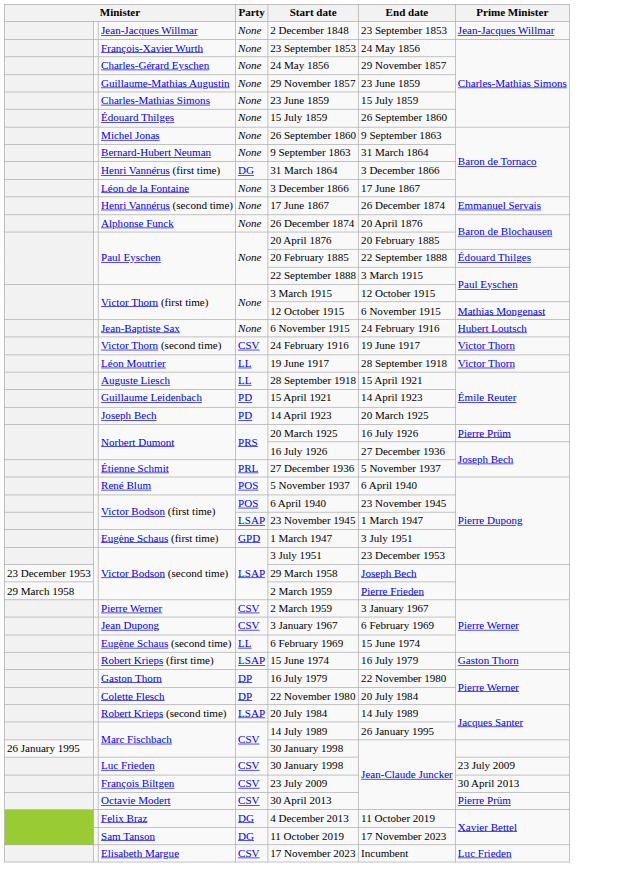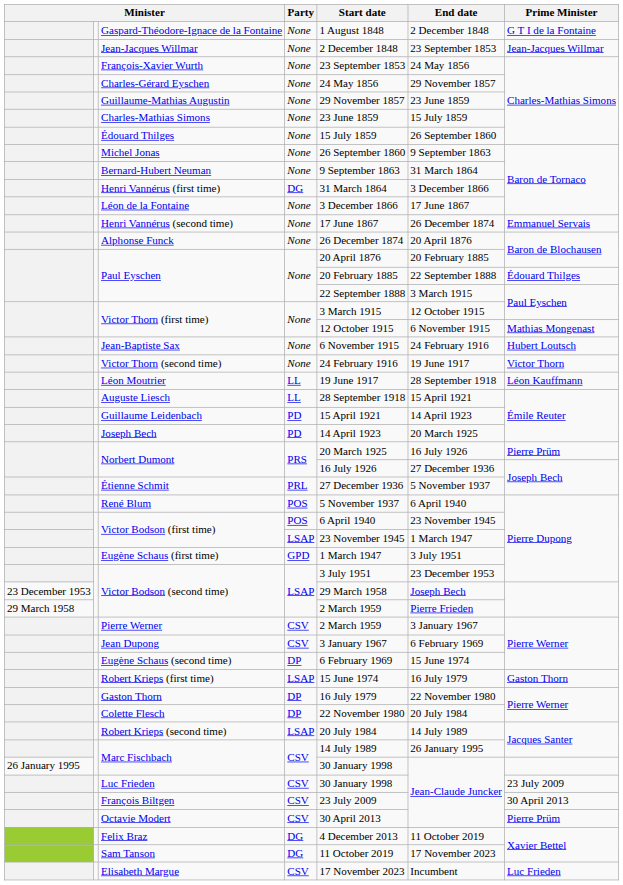 <table class="wikitable">
 <tr style="background: #efefef;">
 <th colspan=3>Minister</th>
 <th>Party</th>
 <th>Start date</th>
 <th>End date</th>
 <th>Prime Minister</th>
+</tr>
+<tr>
+<th></th>
+<td></td>
+<td><a href='#'>Gaspard-Théodore-Ignace de la Fontaine</a></td>
+<td><em>None</em></td>
+<td>1 August 1848</td>
+<td>2 December 1848</td>
+<td><a href='#'>G T I de la Fontaine</a></td>
 </tr>
 <tr>
 <th></th>
 <td></td>
 <td><a href='#'>Jean-Jacques Willmar</a></td>
 <td><em>None</em></td>
 <td>2 December 1848</td>
 <td>23 September 1853</td>
 <td><a href='#'>Jean-Jacques Willmar</a></td>
 </tr>
 <tr>
 <th></th>
 <td></td>
 <td><a href='#'>François-Xavier Wurth</a></td>
 <td><em>None</em></td>
 <td>23 September 1853</td>
 <td>24 May 1856</td>
 <td rowspan=5><a href='#'>Charles-Mathias Simons</a></td>
 </tr>
 <tr>
 <th></th>
 <td></td>
 <td><a href='#'>Charles-Gérard Eyschen</a></td>
 <td><em>None</em></td>
 <td>24 May 1856</td>
 <td>29 November 1857</td>
 </tr>
 <tr>
 <th></th>
 <td></td>
 <td><a href='#'>Guillaume-Mathias Augustin</a></td>
 <td><em>None</em></td>
 <td>29 November 1857</td>
 <td>23 June 1859</td>
 </tr>
 <tr>
 <th></th>
 <td></td>
 <td><a href='#'>Charles-Mathias Simons</a></td>
 <td><em>None</em></td>
 <td>23 June 1859</td>
 <td>15 July 1859</td>
 </tr>
 <tr>
 <th></th>
 <td></td>
 <td><a href='#'>Édouard Thilges</a></td>
 <td><em>None</em></td>
 <td>15 July 1859</td>
 <td>26 September 1860</td>
 </tr>
 <tr>
 <th></th>
 <td></td>
 <td><a href='#'>Michel Jonas</a></td>
 <td><em>None</em></td>
 <td>26 September 1860</td>
 <td>9 September 1863</td>
 <td rowspan=4><a href='#'>Baron de Tornaco</a></td>
 </tr>
 <tr>
 <th></th>
 <td></td>
 <td><a href='#'>Bernard-Hubert Neuman</a></td>
 <td><em>None</em></td>
 <td>9 September 1863</td>
 <td>31 March 1864</td>
 </tr>
 <tr>
 <th></th>
 <td></td>
 <td><a href='#'>Henri Vannérus</a> (first time)</td>
 <td><a href='#'>DG</a></td>
 <td>31 March 1864</td>
 <td>3 December 1866</td>
 </tr>
 <tr>
 <th></th>
 <td></td>
 <td><a href='#'>Léon de la Fontaine</a></td>
 <td><em>None</em></td>
 <td>3 December 1866</td>
 <td>17 June 1867</td>
 </tr>
 <tr>
 <th></th>
 <td></td>
 <td><a href='#'>Henri Vannérus</a> (second time)</td>
 <td><em>None</em></td>
 <td>17 June 1867</td>
 <td>26 December 1874</td>
 <td><a href='#'>Emmanuel Servais</a></td>
 </tr>
 <tr>
 <th></th>
 <td></td>
 <td><a href='#'>Alphonse Funck</a></td>
 <td><em>None</em></td>
 <td>26 December 1874</td>
 <td>20 April 1876</td>
 <td rowspan=2><a href='#'>Baron de Blochausen</a></td>
 </tr>
 <tr>
 <th rowspan=3></th>
 <td rowspan=3></td>
 <td rowspan=3><a href='#'>Paul Eyschen</a></td>
 <td rowspan=3><em>None</em></td>
 <td>20 April 1876</td>
 <td>20 February 1885</td>
 </tr>
 <tr>
 <td>20 February 1885</td>
 <td>22 September 1888</td>
 <td><a href='#'>Édouard Thilges</a></td>
 </tr>
 <tr>
 <td>22 September 1888</td>
 <td>3 March 1915</td>
 <td rowspan=2><a href='#'>Paul Eyschen</a></td>
 </tr>
 <tr>
 <th rowspan=2></th>
 <td rowspan=2></td>
 <td rowspan=2><a href='#'>Victor Thorn</a> (first time)</td>
 <td rowspan=2><em>None</em></td>
 <td>3 March 1915</td>
 <td>12 October 1915</td>
 </tr>
 <tr>
 <td>12 October 1915</td>
 <td>6 November 1915</td>
 <td><a href='#'>Mathias Mongenast</a></td>
 </tr>
 <tr>
 <th></th>
 <td></td>
 <td><a href='#'>Jean-Baptiste Sax</a></td>
 <td><em>None</em></td>
 <td>6 November 1915</td>
 <td>24 February 1916</td>
 <td><a href='#'>Hubert Loutsch</a></td>
 </tr>
 <tr>
 <th></th>
 <td></td>
 <td><a href='#'>Victor Thorn</a> (second time)</td>
-<td><a href='#'>CSV</a></td>
+<td><em>None</em></td>
 <td>24 February 1916</td>
 <td>19 June 1917</td>
 <td><a href='#'>Victor Thorn</a></td>
 </tr>
 <tr>
 <th style="background-color: "></th>
 <td></td>
 <td><a href='#'>Léon Moutrier</a></td>
 <td><a href='#'>LL</a></td>
 <td>19 June 1917</td>
 <td>28 September 1918</td>
-<td><a href='#'>Victor Thorn</a></td>
+<td><a href='#'>Léon Kauffmann</a></td>
 </tr>
 <tr>
 <th style="background-color: "></th>
 <td></td>
 <td><a href='#'>Auguste Liesch</a></td>
 <td><a href='#'>LL</a></td>
 <td>28 September 1918</td>
 <td>15 April 1921</td>
 <td rowspan=3><a href='#'>Émile Reuter</a></td>
 </tr>
 <tr>
 <th style="background-color: "></th>
 <td></td>
 <td><a href='#'>Guillaume Leidenbach</a></td>
 <td><a href='#'>PD</a></td>
 <td>15 April 1921</td>
 <td>14 April 1923</td>
 </tr>
 <tr>
 <th style="background-color: "></th>
 <td></td>
 <td><a href='#'>Joseph Bech</a></td>
 <td><a href='#'>PD</a></td>
 <td>14 April 1923</td>
 <td>20 March 1925</td>
 </tr>
 <tr>
 <th rowspan=2 style="background-color: "></th>
 <td rowspan=2></td>
 <td rowspan=2><a href='#'>Norbert Dumont</a></td>
 <td rowspan=2><a href='#'>PRS</a></td>
 <td>20 March 1925</td>
 <td>16 July 1926</td>
 <td><a href='#'>Pierre Prüm</a></td>
 </tr>
 <tr>
 <td>16 July 1926</td>
 <td>27 December 1936</td>
 <td rowspan=2><a href='#'>Joseph Bech</a></td>
 </tr>
 <tr>
 <th style="background-color: "></th>
 <td></td>
 <td><a href='#'>Étienne Schmit</a></td>
 <td><a href='#'>PRL</a></td>
 <td>27 December 1936</td>
 <td>5 November 1937</td>
 </tr>
 <tr>
 <th style="background-color: "></th>
 <td></td>
 <td><a href='#'>René Blum</a></td>
 <td><a href='#'>POS</a></td>
 <td>5 November 1937</td>
 <td>6 April 1940</td>
 <td rowspan=5><a href='#'>Pierre Dupong</a></td>
 </tr>
 <tr>
 <th style="background-color: "></th>
 <td rowspan=2></td>
 <td rowspan=2><a href='#'>Victor Bodson</a> (first time)</td>
 <td><a href='#'>POS</a></td>
 <td>6 April 1940</td>
 <td>23 November 1945</td>
 </tr>
 <tr>
 <th style="background-color: "></th>
 <td><a href='#'>LSAP</a></td>
 <td>23 November 1945</td>
 <td>1 March 1947</td>
 </tr>
 <tr>
 <th style="background-color: "></th>
 <td></td>
 <td><a href='#'>Eugène Schaus</a> (first time)</td>
 <td><a href='#'>GPD</a></td>
 <td>1 March 1947</td>
 <td>3 July 1951</td>
 </tr>
 <tr>
 <th style="background-color: "></th>
 <td rowspan=3></td>
 <td rowspan=3><a href='#'>Victor Bodson</a> (second time)</td>
 <td rowspan=3><a href='#'>LSAP</a></td>
 <td>3 July 1951</td>
 <td>23 December 1953</td>
 </tr>
 <tr>
 <td>23 December 1953</td>
 <td>29 March 1958</td>
 <td><a href='#'>Joseph Bech</a></td>
 </tr>
 <tr>
 <td>29 March 1958</td>
 <td>2 March 1959</td>
 <td><a href='#'>Pierre Frieden</a></td>
 </tr>
 <tr>
 <th style="background-color: "></th>
 <td></td>
 <td><a href='#'>Pierre Werner</a></td>
 <td><a href='#'>CSV</a></td>
 <td>2 March 1959</td>
 <td>3 January 1967</td>
 <td rowspan=3><a href='#'>Pierre Werner</a></td>
 </tr>
 <tr>
 <th style="background-color: "></th>
 <td></td>
 <td><a href='#'>Jean Dupong</a></td>
 <td><a href='#'>CSV</a></td>
 <td>3 January 1967</td>
 <td>6 February 1969</td>
 </tr>
 <tr>
 <th style="background-color: "></th>
 <td></td>
 <td><a href='#'>Eugène Schaus</a> (second time)</td>
-<td><a href='#'>LL</a></td>
+<td><a href='#'>DP</a></td>
 <td>6 February 1969</td>
 <td>15 June 1974</td>
 </tr>
 <tr>
 <th style="background-color: "></th>
 <td></td>
 <td><a href='#'>Robert Krieps</a> (first time)</td>
 <td><a href='#'>LSAP</a></td>
 <td>15 June 1974</td>
 <td>16 July 1979</td>
 <td><a href='#'>Gaston Thorn</a></td>
 </tr>
 <tr>
 <th style="background-color: "></th>
 <td></td>
 <td><a href='#'>Gaston Thorn</a></td>
 <td><a href='#'>DP</a></td>
 <td>16 July 1979</td>
 <td>22 November 1980</td>
 <td rowspan=2><a href='#'>Pierre Werner</a></td>
 </tr>
 <tr>
 <th style="background-color: "></th>
 <td></td>
 <td><a href='#'>Colette Flesch</a></td>
 <td><a href='#'>DP</a></td>
 <td>22 November 1980</td>
 <td>20 July 1984</td>
 </tr>
 <tr>
 <th style="background-color: "></th>
 <td></td>
 <td><a href='#'>Robert Krieps</a> (second time)</td>
 <td><a href='#'>LSAP</a></td>
 <td>20 July 1984</td>
 <td>14 July 1989</td>
 <td rowspan=2><a href='#'>Jacques Santer</a></td>
 </tr>
 <tr>
 <th style="background-color: "></th>
 <td rowspan=2></td>
 <td rowspan=2><a href='#'>Marc Fischbach</a></td>
 <td rowspan=2><a href='#'>CSV</a></td>
 <td>14 July 1989</td>
 <td>26 January 1995</td>
 </tr>
 <tr>
 <td>26 January 1995</td>
 <td>30 January 1998</td>
 <td rowspan=4><a href='#'>Jean-Claude Juncker</a></td>
 </tr>
 <tr>
 <th style="background-color: "></th>
 <td></td>
 <td><a href='#'>Luc Frieden</a></td>
 <td><a href='#'>CSV</a></td>
 <td>30 January 1998</td>
 <td>23 July 2009</td>
 </tr>
 <tr>
 <th style="background-color: "></th>
 <td></td>
 <td><a href='#'>François Biltgen</a></td>
 <td><a href='#'>CSV</a></td>
 <td>23 July 2009</td>
 <td>30 April 2013</td>
 </tr>
 <tr>
 <th style="background-color: "></th>
 <td></td>
 <td><a href='#'>Octavie Modert</a></td>
 <td><a href='#'>CSV</a></td>
 <td>30 April 2013</td>
 <td><a href='#'>Pierre Prüm</a></td>
 </tr>
 <tr>
 <th style="background-color: #99CC33"></th>
 <td></td>
 <td><a href='#'>Felix Braz</a></td>
 <td><a href='#'>DG</a></td>
 <td>4 December 2013</td>
 <td>11 October 2019</td>
 <td rowspan=2><a href='#'>Xavier Bettel</a></td>
 </tr>
 <tr>
 <th style="background-color: #99CC33"></th>
 <td></td>
 <td><a href='#'>Sam Tanson</a></td>
 <td><a href='#'>DG</a></td>
 <td>11 October 2019</td>
 <td>17 November 2023</td>
 </tr>
 <tr>
 <th style="background-color: "></th>
 <td></td>
 <td><a href='#'>Elisabeth Margue</a></td>
 <td><a href='#'>CSV</a></td>
 <td>17 November 2023</td>
 <td>Incumbent</td>
 <td><a href='#'>Luc Frieden</a></td>
 </tr>
 </table>
